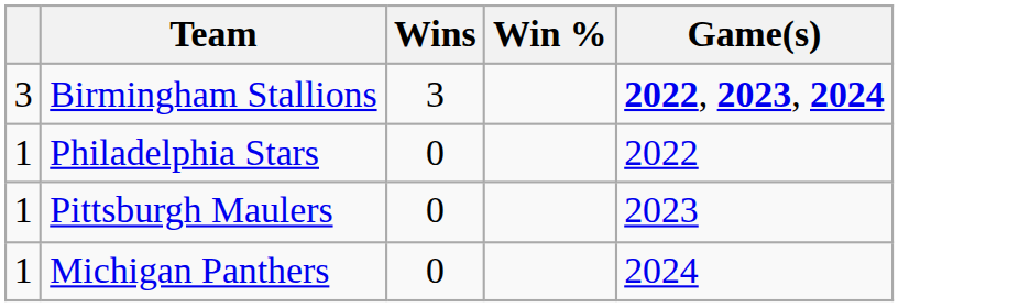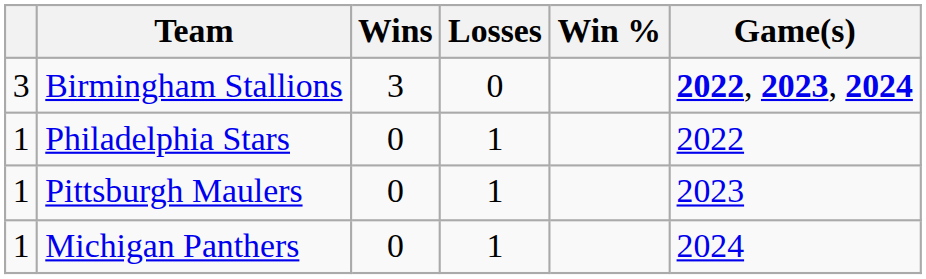 <table class="wikitable sortable plainrowheaders" style="text-align:center;">
 <tr>
 <th></th>
 <th>Team</th>
 <th>Wins</th>
+<th>Losses</th>
 <th>Win %</th>
 <th>Game(s)</th>
 </tr>
 <tr>
 <td>3</td>
 <td style="text-align:left;"><a href='#'>Birmingham Stallions</a></td>
 <td>3</td>
+<td>0</td>
 <td></td>
 <td style="text-align:left;"><strong><a href='#'>2022</a></strong>, <strong><a href='#'>2023</a></strong>, <strong><a href='#'>2024</a></strong></td>
 </tr>
 <tr>
 <td>1</td>
 <td style="text-align:left;"><a href='#'>Philadelphia Stars</a></td>
 <td>0</td>
+<td>1</td>
 <td></td>
 <td style="text-align:left;"><a href='#'>2022</a></td>
 </tr>
 <tr>
 <td>1</td>
 <td style="text-align:left;"><a href='#'>Pittsburgh Maulers</a></td>
 <td>0</td>
+<td>1</td>
 <td></td>
 <td style="text-align:left;"><a href='#'>2023</a></td>
 </tr>
 <tr>
 <td>1</td>
 <td style="text-align:left;"><a href='#'>Michigan Panthers</a></td>
 <td>0</td>
+<td>1</td>
 <td></td>
 <td style="text-align:left;"><a href='#'>2024</a></td>
 </tr>
 </table>
